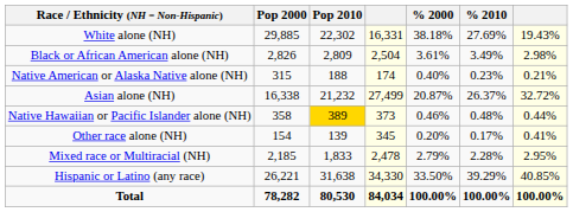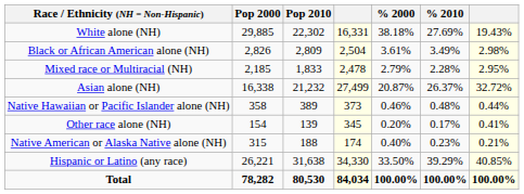 <table class="wikitable" style="text-align:center;">
 <tr>
 <th>Race / Ethnicity <small>(<em>NH = Non-Hispanic</em>)</small></th>
 <th>Pop 2000</th>
 <th>Pop 2010</th>
 <th></th>
 <th>% 2000</th>
 <th>% 2010</th>
 <th></th>
 </tr>
 <tr>
 <td><a href='#'>White</a> alone (NH)</td>
 <td>29,885</td>
 <td>22,302</td>
 <td style='background: #ffffe6;'>16,331</td>
 <td>38.18%</td>
 <td>27.69%</td>
 <td style='background: #ffffe6;'>19.43%</td>
 </tr>
 <tr>
 <td><a href='#'>Black or African American</a> alone (NH)</td>
 <td>2,826</td>
 <td>2,809</td>
 <td style='background: #ffffe6;'>2,504</td>
 <td>3.61%</td>
 <td>3.49%</td>
 <td style='background: #ffffe6;'>2.98%</td>
 </tr>
 <tr>
-<td><a href='#'>Native American</a> or <a href='#'>Alaska Native</a> alone (NH)</td>
-<td>315</td>
-<td>188</td>
-<td style='background: #ffffe6;'>174</td>
-<td>0.40%</td>
-<td>0.23%</td>
-<td style='background: #ffffe6;'>0.21%</td>
+<td><a href='#'>Mixed race or Multiracial</a> (NH)</td>
+<td>2,185</td>
+<td>1,833</td>
+<td style='background: #ffffe6;'>2,478</td>
+<td>2.79%</td>
+<td>2.28%</td>
+<td style='background: #ffffe6;'>2.95%</td>
 </tr>
 <tr>
 <td><a href='#'>Asian</a> alone (NH)</td>
 <td>16,338</td>
 <td>21,232</td>
 <td style='background: #ffffe6;'>27,499</td>
 <td>20.87%</td>
 <td>26.37%</td>
 <td style='background: #ffffe6;'>32.72%</td>
 </tr>
 <tr>
 <td><a href='#'>Native Hawaiian</a> or <a href='#'>Pacific Islander</a> alone (NH)</td>
 <td>358</td>
-<td style="background: gold;">389</td>
+<td>389</td>
 <td style='background: #ffffe6;'>373</td>
 <td>0.46%</td>
 <td>0.48%</td>
 <td style='background: #ffffe6;'>0.44%</td>
 </tr>
 <tr>
 <td><a href='#'>Other race</a> alone (NH)</td>
 <td>154</td>
 <td>139</td>
 <td style='background: #ffffe6;'>345</td>
 <td>0.20%</td>
 <td>0.17%</td>
 <td style='background: #ffffe6;'>0.41%</td>
 </tr>
 <tr>
-<td><a href='#'>Mixed race or Multiracial</a> (NH)</td>
-<td>2,185</td>
-<td>1,833</td>
-<td style='background: #ffffe6;'>2,478</td>
-<td>2.79%</td>
-<td>2.28%</td>
-<td style='background: #ffffe6;'>2.95%</td>
+<td><a href='#'>Native American</a> or <a href='#'>Alaska Native</a> alone (NH)</td>
+<td>315</td>
+<td>188</td>
+<td style='background: #ffffe6;'>174</td>
+<td>0.40%</td>
+<td>0.23%</td>
+<td style='background: #ffffe6;'>0.21%</td>
 </tr>
 <tr>
 <td><a href='#'>Hispanic or Latino</a> (any race)</td>
 <td>26,221</td>
 <td>31,638</td>
 <td style='background: #ffffe6;'>34,330</td>
 <td>33.50%</td>
 <td>39.29%</td>
 <td style='background: #ffffe6;'>40.85%</td>
 </tr>
 <tr>
 <td><strong>Total</strong></td>
 <td><strong>78,282</strong></td>
 <td><strong>80,530</strong></td>
 <td style='background: #ffffe6;'><strong>84,034</strong></td>
 <td><strong>100.00%</strong></td>
 <td><strong>100.00%</strong></td>
 <td style='background: #ffffe6;'><strong>100.00%</strong></td>
 </tr>
 </table>
